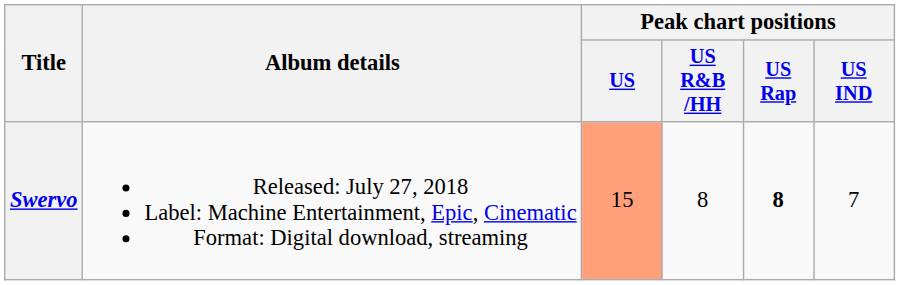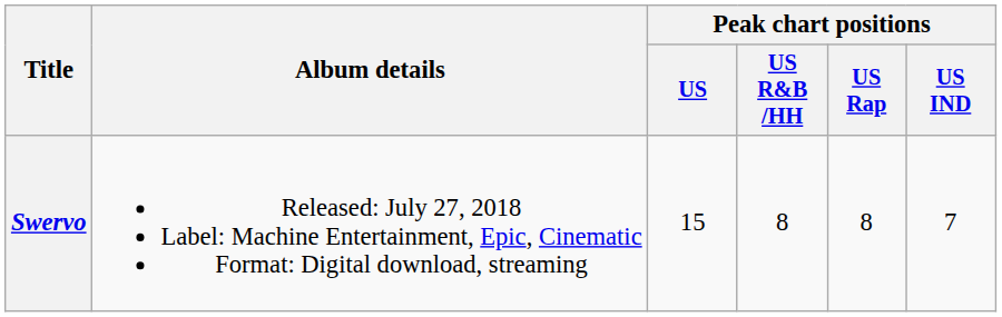 <table class="wikitable plainrowheaders" style="text-align:center;">
 <tr>
 <th rowspan="2">Title</th>
 <th rowspan="2">Album details</th>
 <th colspan="4">Peak chart positions</th>
 </tr>
 <tr>
 <th scope="col" style="width:3.5em;font-size:90%;"><a href='#'>US</a><br></th>
 <th scope="col" style="width:3.5em;font-size:90%;"><a href='#'>US<br>R&B /HH</a><br></th>
 <th scope="col" style="width:3em;font-size:90%;"><a href='#'>US<br>Rap</a><br></th>
 <th scope="col" style="width:3.5em;font-size:90%;"><a href='#'>US<br>IND</a><br></th>
 </tr>
 <tr>
 <th scope="row"><em><a href='#'>Swervo</a></em><br></th>
 <td><br><ul><li>Released: July 27, 2018</li><li>Label: Machine Entertainment, <a href='#'>Epic</a>, <a href='#'>Cinematic</a></li><li>Format: Digital download, streaming</li></ul></td>
-<td style="background: lightsalmon;">15</td>
+<td>15</td>
 <td>8</td>
-<td><strong>8</strong></td>
+<td>8</td>
 <td>7</td>
 </tr>
 </table>
